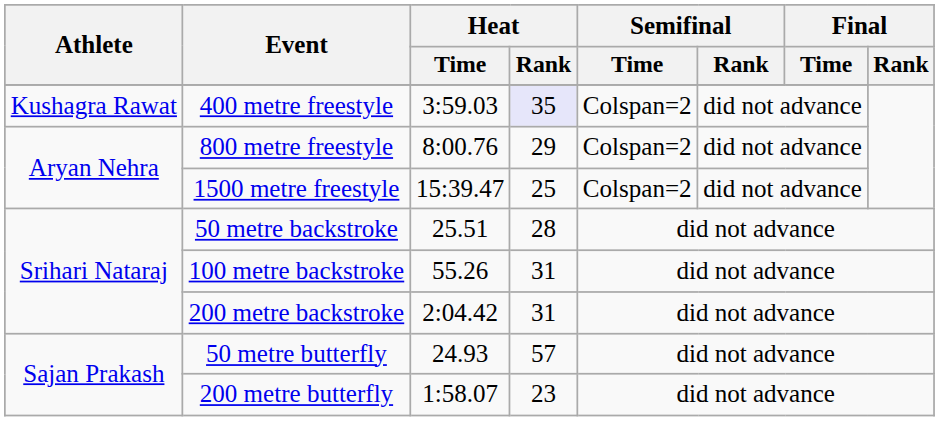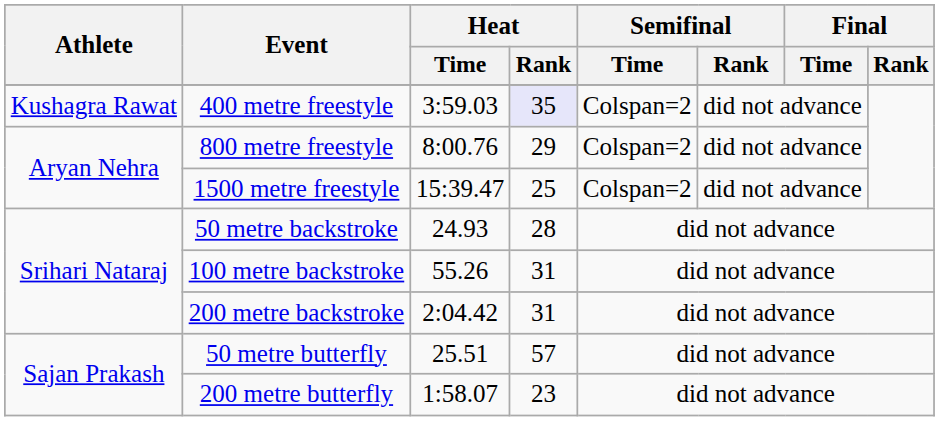 <table class="wikitable" style="text-align:center; font-size:90%">
 <tr>
 <th rowspan="2">Athlete</th>
 <th rowspan="2">Event</th>
 <th colspan="2">Heat</th>
 <th colspan="2">Semifinal</th>
 <th colspan="2">Final</th>
 </tr>
 <tr style="font-size:95%">
 <th>Time</th>
 <th>Rank</th>
 <th>Time</th>
 <th>Rank</th>
 <th>Time</th>
 <th>Rank</th>
 </tr>
 <tr>
 </tr>
 <tr>
 <td><a href='#'>Kushagra Rawat</a></td>
 <td><a href='#'>400 metre freestyle</a></td>
 <td>3:59.03</td>
 <td style="background: lavender;">35</td>
 <td>Colspan=2</td>
 <td Colspan=2>did not advance</td>
 </tr>
 <tr>
 <td rowspan="2"><a href='#'>Aryan Nehra</a></td>
 <td><a href='#'>800 metre freestyle</a></td>
 <td>8:00.76</td>
 <td>29</td>
 <td>Colspan=2</td>
 <td Colspan=2>did not advance</td>
 </tr>
 <tr>
 <td><a href='#'>1500 metre freestyle</a></td>
 <td>15:39.47</td>
 <td>25</td>
 <td>Colspan=2</td>
 <td Colspan=2>did not advance</td>
 </tr>
 <tr>
 <td Rowspan=3><a href='#'>Srihari Nataraj</a></td>
 <td><a href='#'>50 metre backstroke</a></td>
-<td>25.51</td>
+<td>24.93</td>
 <td>28</td>
 <td Colspan=4>did not advance</td>
 </tr>
 <tr>
 <td><a href='#'>100 metre backstroke</a></td>
 <td>55.26</td>
 <td>31</td>
 <td Colspan=4>did not advance</td>
 </tr>
 <tr>
 <td><a href='#'>200 metre backstroke</a></td>
 <td>2:04.42</td>
 <td>31</td>
 <td Colspan=4>did not advance</td>
 </tr>
 <tr>
 <td rowspan=2><a href='#'>Sajan Prakash</a></td>
 <td><a href='#'>50 metre butterfly</a></td>
-<td>24.93</td>
+<td>25.51</td>
 <td>57</td>
 <td Colspan=4>did not advance</td>
 </tr>
 <tr>
 <td><a href='#'>200 metre butterfly</a></td>
 <td>1:58.07</td>
 <td>23</td>
 <td Colspan=4>did not advance</td>
 </tr>
 </table>
